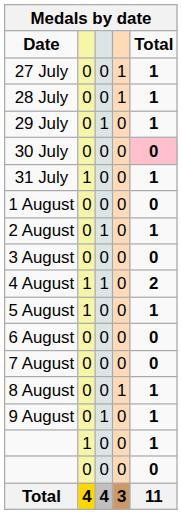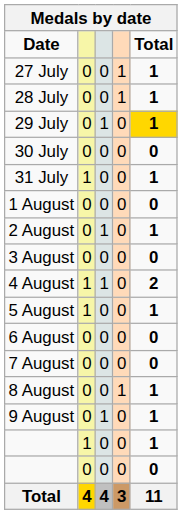 <table class="wikitable" style="font-size:85%">
 <tr bgcolor="#efefef">
 <th colspan=6>Medals by date</th>
 </tr>
 <tr align=center>
 <td><strong>Date</strong></td>
 <td bgcolor=#f7f6a8></td>
 <td bgcolor=#dce5e5></td>
 <td bgcolor=#ffdab9></td>
 <td><strong>Total</strong></td>
 </tr>
 <tr align=center>
 <td>27 July</td>
 <td style="background:#F7F6A8;">0</td>
 <td style="background:#DCE5E5;">0</td>
 <td style="background:#FFDAB9;">1</td>
 <td><strong>1</strong></td>
 </tr>
 <tr align=center>
 <td>28 July</td>
 <td style="background:#F7F6A8;">0</td>
 <td style="background:#DCE5E5;">0</td>
 <td style="background:#FFDAB9;">1</td>
 <td><strong>1</strong></td>
 </tr>
 <tr align=center>
 <td>29 July</td>
 <td style="background:#F7F6A8;">0</td>
 <td style="background:#DCE5E5;">1</td>
 <td style="background:#FFDAB9;">0</td>
-<td><strong>1</strong></td>
+<td style="background: gold;"><strong>1</strong></td>
 </tr>
 <tr align=center>
 <td>30 July</td>
 <td style="background:#F7F6A8;">0</td>
 <td style="background:#DCE5E5;">0</td>
 <td style="background:#FFDAB9;">0</td>
-<td style="background: pink;"><strong>0</strong></td>
+<td><strong>0</strong></td>
 </tr>
 <tr align=center>
 <td>31 July</td>
 <td style="background:#F7F6A8;">1</td>
 <td style="background:#DCE5E5;">0</td>
 <td style="background:#FFDAB9;">0</td>
 <td><strong>1</strong></td>
 </tr>
 <tr align=center>
 <td>1 August</td>
 <td style="background:#F7F6A8;">0</td>
 <td style="background:#DCE5E5;">0</td>
 <td style="background:#FFDAB9;">0</td>
 <td><strong>0</strong></td>
 </tr>
 <tr align=center>
 <td>2 August</td>
 <td style="background:#F7F6A8;">0</td>
 <td style="background:#DCE5E5;">1</td>
 <td style="background:#FFDAB9;">0</td>
 <td><strong>1</strong></td>
 </tr>
 <tr align=center>
 <td>3 August</td>
 <td style="background:#F7F6A8;">0</td>
 <td style="background:#DCE5E5;">0</td>
 <td style="background:#FFDAB9;">0</td>
 <td><strong>0</strong></td>
 </tr>
 <tr align=center>
 <td>4 August</td>
 <td style="background:#F7F6A8;">1</td>
 <td style="background:#DCE5E5;">1</td>
 <td style="background:#FFDAB9;">0</td>
 <td><strong>2</strong></td>
 </tr>
 <tr align=center>
 <td>5 August</td>
 <td style="background:#F7F6A8;">1</td>
 <td style="background:#DCE5E5;">0</td>
 <td style="background:#FFDAB9;">0</td>
 <td><strong>1</strong></td>
 </tr>
 <tr align=center>
 <td>6 August</td>
 <td style="background:#F7F6A8;">0</td>
 <td style="background:#DCE5E5;">0</td>
 <td style="background:#FFDAB9;">0</td>
 <td><strong>0</strong></td>
 </tr>
 <tr align=center>
 <td>7 August</td>
 <td style="background:#F7F6A8;">0</td>
 <td style="background:#DCE5E5;">0</td>
 <td style="background:#FFDAB9;">0</td>
 <td><strong>0</strong></td>
 </tr>
 <tr align=center>
 <td>8 August</td>
 <td style="background:#F7F6A8;">0</td>
 <td style="background:#DCE5E5;">0</td>
 <td style="background:#FFDAB9;">1</td>
 <td><strong>1</strong></td>
 </tr>
 <tr align=center>
 <td>9 August</td>
 <td style="background:#F7F6A8;">0</td>
 <td style="background:#DCE5E5;">1</td>
 <td style="background:#FFDAB9;">0</td>
 <td><strong>1</strong></td>
 </tr>
 <tr align=center>
 <td></td>
 <td style="background:#F7F6A8;">1</td>
 <td style="background:#DCE5E5;">0</td>
 <td style="background:#FFDAB9;">0</td>
 <td><strong>1</strong></td>
 </tr>
 <tr align=center>
 <td></td>
 <td style="background:#F7F6A8;">0</td>
 <td style="background:#DCE5E5;">0</td>
 <td style="background:#FFDAB9;">0</td>
 <td><strong>0</strong></td>
 </tr>
 <tr align=center>
 <th><strong>Total</strong></th>
 <th style="background:gold;"><strong>4</strong></th>
 <th style="background:silver;"><strong>4</strong></th>
 <th style="background:#c96;"><strong>3</strong></th>
 <th>11</th>
 </tr>
 </table>
